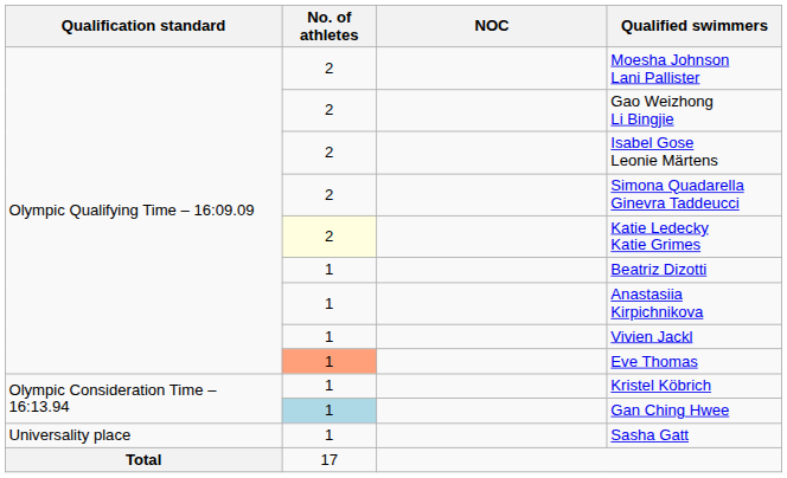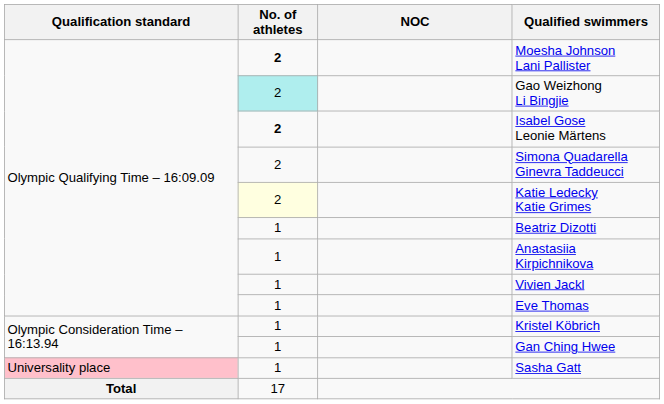 <table class=wikitable style="text-align:left" width=800>
 <tr>
 <th scope="col">Qualification standard</th>
 <th scope="col" width =90>No. of athletes</th>
 <th scope="col" width =230>NOC</th>
 <th scope="col">Qualified swimmers</th>
 </tr>
 <tr>
 <td rowspan=9>Olympic Qualifying Time – 16:09.09</td>
-<td align=center>2</td>
+<td align=center><strong>2</strong></td>
 <td></td>
 <td><a href='#'>Moesha Johnson</a><br><a href='#'>Lani Pallister</a></td>
 </tr>
 <tr>
-<td align=center>2</td>
+<td align=center style="background: paleturquoise;">2</td>
 <td></td>
 <td>Gao Weizhong<br><a href='#'>Li Bingjie</a></td>
 </tr>
 <tr>
-<td align=center>2</td>
+<td align=center><strong>2</strong></td>
 <td></td>
 <td><a href='#'>Isabel Gose</a><br> Leonie Märtens</td>
 </tr>
 <tr>
 <td align=center>2</td>
 <td></td>
 <td><a href='#'>Simona Quadarella</a><br><a href='#'>Ginevra Taddeucci</a></td>
 </tr>
 <tr>
 <td align=center style="background: lightyellow;">2</td>
 <td></td>
 <td><a href='#'>Katie Ledecky</a><br><a href='#'>Katie Grimes</a></td>
 </tr>
 <tr>
 <td align=center>1</td>
 <td></td>
 <td><a href='#'>Beatriz Dizotti</a></td>
 </tr>
 <tr>
 <td align=center>1</td>
 <td></td>
 <td><a href='#'>Anastasiia Kirpichnikova</a></td>
 </tr>
 <tr>
 <td align=center>1</td>
 <td></td>
 <td><a href='#'>Vivien Jackl</a></td>
 </tr>
 <tr>
-<td align=center style="background: lightsalmon;">1</td>
+<td align=center>1</td>
 <td></td>
 <td><a href='#'>Eve Thomas</a></td>
 </tr>
 <tr>
 <td rowspan=2>Olympic Consideration Time – 16:13.94</td>
 <td align=center>1</td>
 <td></td>
 <td><a href='#'>Kristel Köbrich</a></td>
 </tr>
 <tr>
-<td align=center style="background: lightblue;">1</td>
+<td align=center>1</td>
 <td></td>
 <td><a href='#'>Gan Ching Hwee</a></td>
 </tr>
 <tr>
-<td>Universality place</td>
+<td style="background: pink;">Universality place</td>
 <td align=center>1</td>
 <td></td>
 <td><a href='#'>Sasha Gatt</a></td>
 </tr>
 <tr>
 <th scope="row">Total</th>
 <td align=center>17</td>
 <td colspan=2></td>
 </tr>
 </table>
